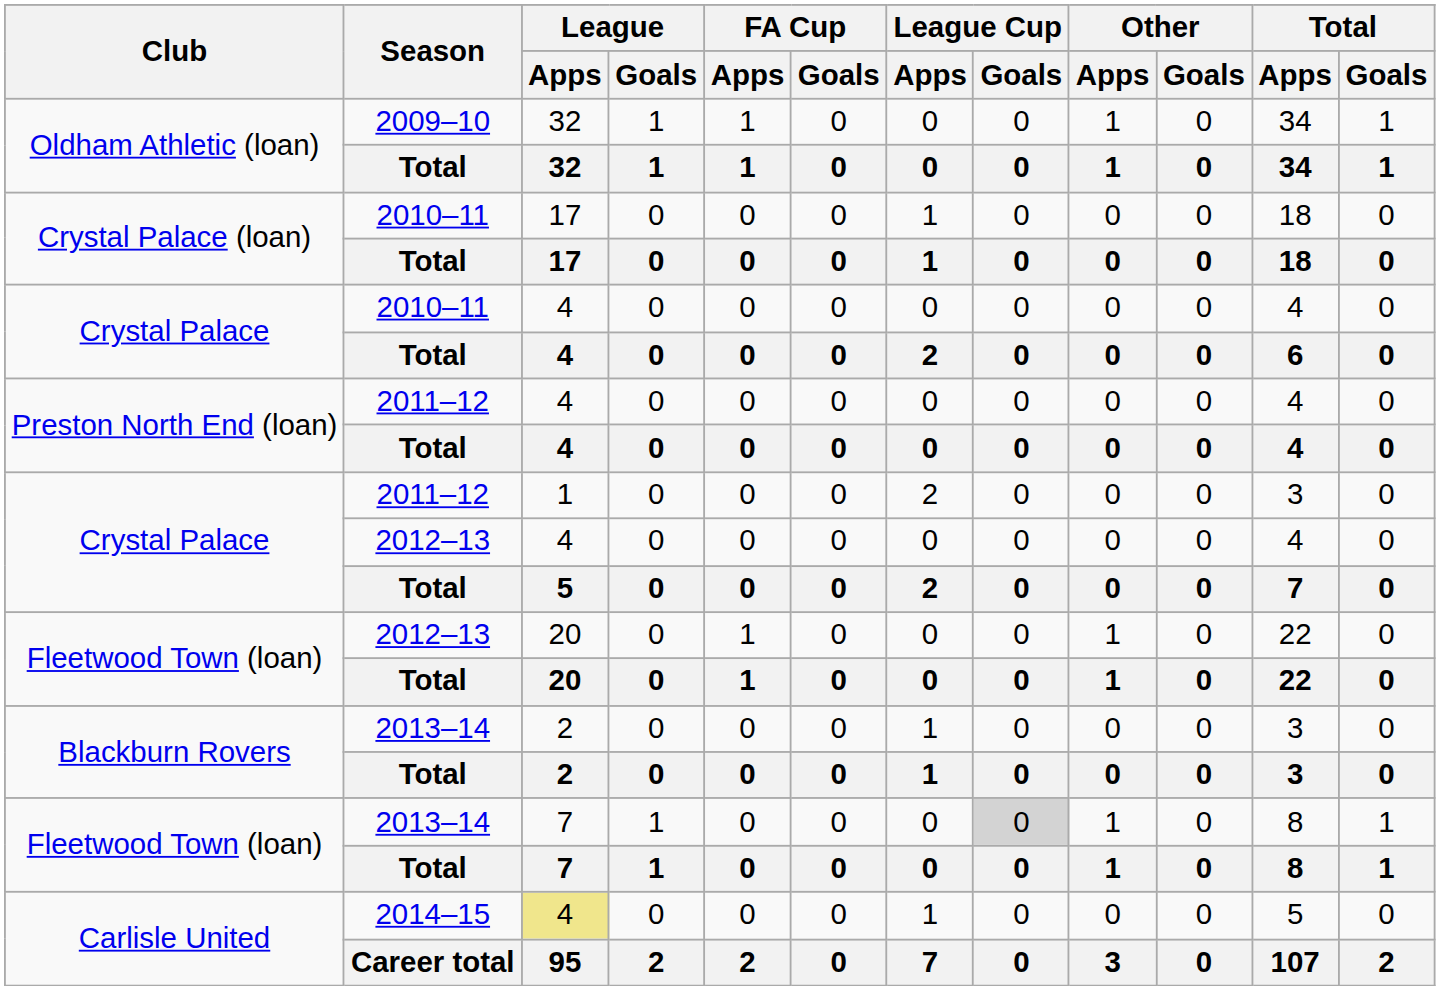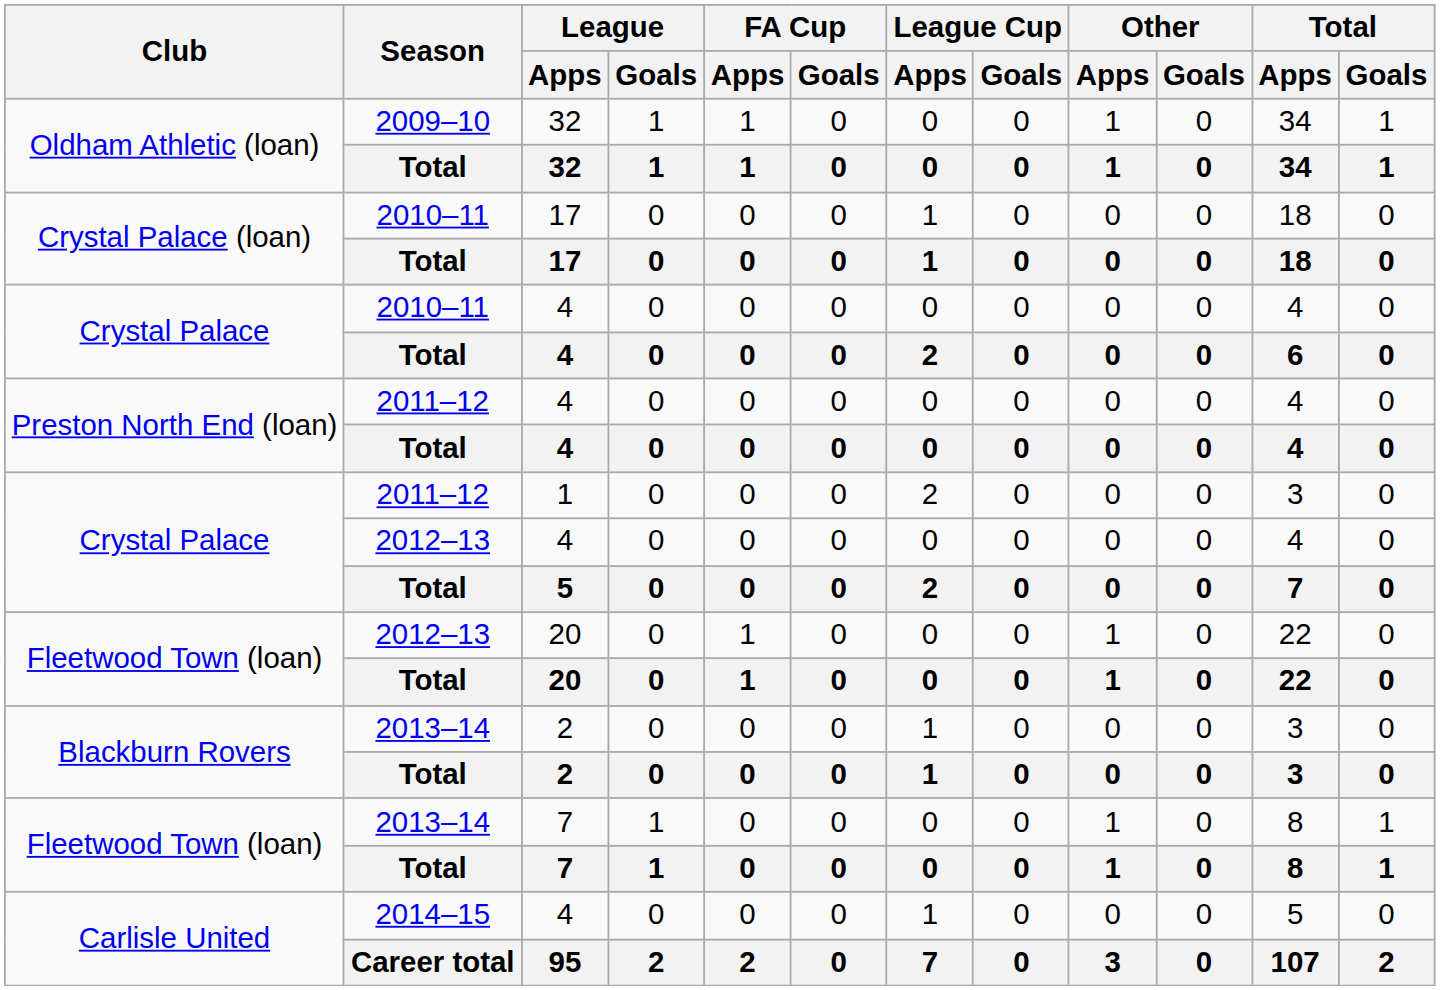 <table class="wikitable" style="text-align:center">
 <tr>
 <th rowspan="2">Club</th>
 <th rowspan="2">Season</th>
 <th colspan="2">League</th>
 <th colspan="2">FA Cup</th>
 <th colspan="2">League Cup</th>
 <th colspan="2">Other</th>
 <th colspan="2">Total</th>
 </tr>
 <tr>
 <th>Apps</th>
 <th>Goals</th>
 <th>Apps</th>
 <th>Goals</th>
 <th>Apps</th>
 <th>Goals</th>
 <th>Apps</th>
 <th>Goals</th>
 <th>Apps</th>
 <th>Goals</th>
 </tr>
 <tr>
 <td rowspan="2" valign="center"><a href='#'>Oldham Athletic</a> (loan)</td>
 <td><a href='#'>2009–10</a></td>
 <td>32</td>
 <td>1</td>
 <td>1</td>
 <td>0</td>
 <td>0</td>
 <td>0</td>
 <td>1</td>
 <td>0</td>
 <td>34</td>
 <td>1</td>
 </tr>
 <tr>
 <th>Total</th>
 <th>32</th>
 <th>1</th>
 <th>1</th>
 <th>0</th>
 <th>0</th>
 <th>0</th>
 <th>1</th>
 <th>0</th>
 <th>34</th>
 <th>1</th>
 </tr>
 <tr>
 <td rowspan="2" valign="center"><a href='#'>Crystal Palace</a> (loan)</td>
 <td><a href='#'>2010–11</a></td>
 <td>17</td>
 <td>0</td>
 <td>0</td>
 <td>0</td>
 <td>1</td>
 <td>0</td>
 <td>0</td>
 <td>0</td>
 <td>18</td>
 <td>0</td>
 </tr>
 <tr>
 <th>Total</th>
 <th>17</th>
 <th>0</th>
 <th>0</th>
 <th>0</th>
 <th>1</th>
 <th>0</th>
 <th>0</th>
 <th>0</th>
 <th>18</th>
 <th>0</th>
 </tr>
 <tr>
 <td rowspan="2" valign="center"><a href='#'>Crystal Palace</a></td>
 <td><a href='#'>2010–11</a></td>
 <td>4</td>
 <td>0</td>
 <td>0</td>
 <td>0</td>
 <td>0</td>
 <td>0</td>
 <td>0</td>
 <td>0</td>
 <td>4</td>
 <td>0</td>
 </tr>
 <tr>
 <th>Total</th>
 <th>4</th>
 <th>0</th>
 <th>0</th>
 <th>0</th>
 <th>2</th>
 <th>0</th>
 <th>0</th>
 <th>0</th>
 <th>6</th>
 <th>0</th>
 </tr>
 <tr>
 <td rowspan="2" valign="center"><a href='#'>Preston North End</a> (loan)</td>
 <td><a href='#'>2011–12</a></td>
 <td>4</td>
 <td>0</td>
 <td>0</td>
 <td>0</td>
 <td>0</td>
 <td>0</td>
 <td>0</td>
 <td>0</td>
 <td>4</td>
 <td>0</td>
 </tr>
 <tr>
 <th>Total</th>
 <th>4</th>
 <th>0</th>
 <th>0</th>
 <th>0</th>
 <th>0</th>
 <th>0</th>
 <th>0</th>
 <th>0</th>
 <th>4</th>
 <th>0</th>
 </tr>
 <tr>
 <td rowspan="3" valign="center"><a href='#'>Crystal Palace</a></td>
 <td><a href='#'>2011–12</a></td>
 <td>1</td>
 <td>0</td>
 <td>0</td>
 <td>0</td>
 <td>2</td>
 <td>0</td>
 <td>0</td>
 <td>0</td>
 <td>3</td>
 <td>0</td>
 </tr>
 <tr>
 <td><a href='#'>2012–13</a></td>
 <td>4</td>
 <td>0</td>
 <td>0</td>
 <td>0</td>
 <td>0</td>
 <td>0</td>
 <td>0</td>
 <td>0</td>
 <td>4</td>
 <td>0</td>
 </tr>
 <tr>
 <th>Total</th>
 <th>5</th>
 <th>0</th>
 <th>0</th>
 <th>0</th>
 <th>2</th>
 <th>0</th>
 <th>0</th>
 <th>0</th>
 <th>7</th>
 <th>0</th>
 </tr>
 <tr>
 <td rowspan="2" valign="center"><a href='#'>Fleetwood Town</a> (loan)</td>
 <td><a href='#'>2012–13</a></td>
 <td>20</td>
 <td>0</td>
 <td>1</td>
 <td>0</td>
 <td>0</td>
 <td>0</td>
 <td>1</td>
 <td>0</td>
 <td>22</td>
 <td>0</td>
 </tr>
 <tr>
 <th>Total</th>
 <th>20</th>
 <th>0</th>
 <th>1</th>
 <th>0</th>
 <th>0</th>
 <th>0</th>
 <th>1</th>
 <th>0</th>
 <th>22</th>
 <th>0</th>
 </tr>
 <tr>
 <td rowspan="2" valign="center"><a href='#'>Blackburn Rovers</a></td>
 <td><a href='#'>2013–14</a></td>
 <td>2</td>
 <td>0</td>
 <td>0</td>
 <td>0</td>
 <td>1</td>
 <td>0</td>
 <td>0</td>
 <td>0</td>
 <td>3</td>
 <td>0</td>
 </tr>
 <tr>
 <th>Total</th>
 <th>2</th>
 <th>0</th>
 <th>0</th>
 <th>0</th>
 <th>1</th>
 <th>0</th>
 <th>0</th>
 <th>0</th>
 <th>3</th>
 <th>0</th>
 </tr>
 <tr>
 <td rowspan="2" valign="center"><a href='#'>Fleetwood Town</a> (loan)</td>
 <td><a href='#'>2013–14</a></td>
 <td>7</td>
 <td>1</td>
 <td>0</td>
 <td>0</td>
 <td>0</td>
-<td style="background: lightgrey;">0</td>
+<td>0</td>
 <td>1</td>
 <td>0</td>
 <td>8</td>
 <td>1</td>
 </tr>
 <tr>
 <th>Total</th>
 <th>7</th>
 <th>1</th>
 <th>0</th>
 <th>0</th>
 <th>0</th>
 <th>0</th>
 <th>1</th>
 <th>0</th>
 <th>8</th>
 <th>1</th>
 </tr>
 <tr>
 <td rowspan="3" valign="center"><a href='#'>Carlisle United</a></td>
 <td><a href='#'>2014–15</a></td>
-<td style="background: khaki;">4</td>
+<td>4</td>
 <td>0</td>
 <td>0</td>
 <td>0</td>
 <td>1</td>
 <td>0</td>
 <td>0</td>
 <td>0</td>
 <td>5</td>
 <td>0</td>
 </tr>
 <tr>
 <th colspan="1">Career total</th>
 <th>95</th>
 <th>2</th>
 <th>2</th>
 <th>0</th>
 <th>7</th>
 <th>0</th>
 <th>3</th>
 <th>0</th>
 <th>107</th>
 <th>2</th>
 </tr>
 </table>
